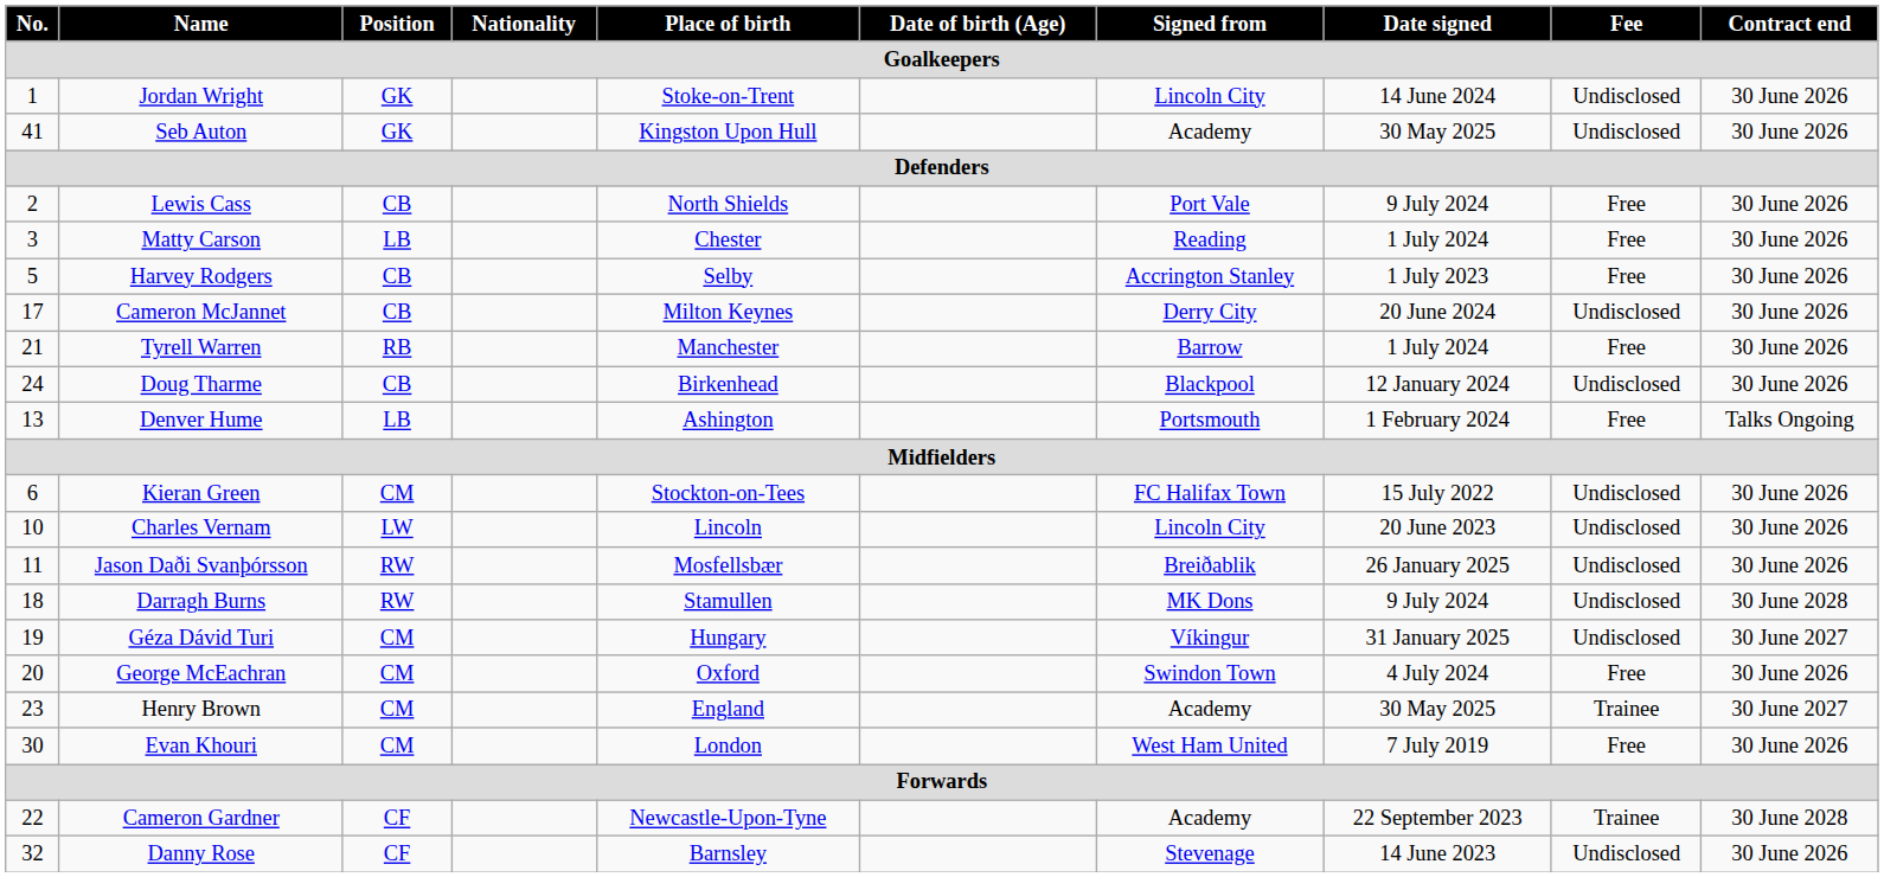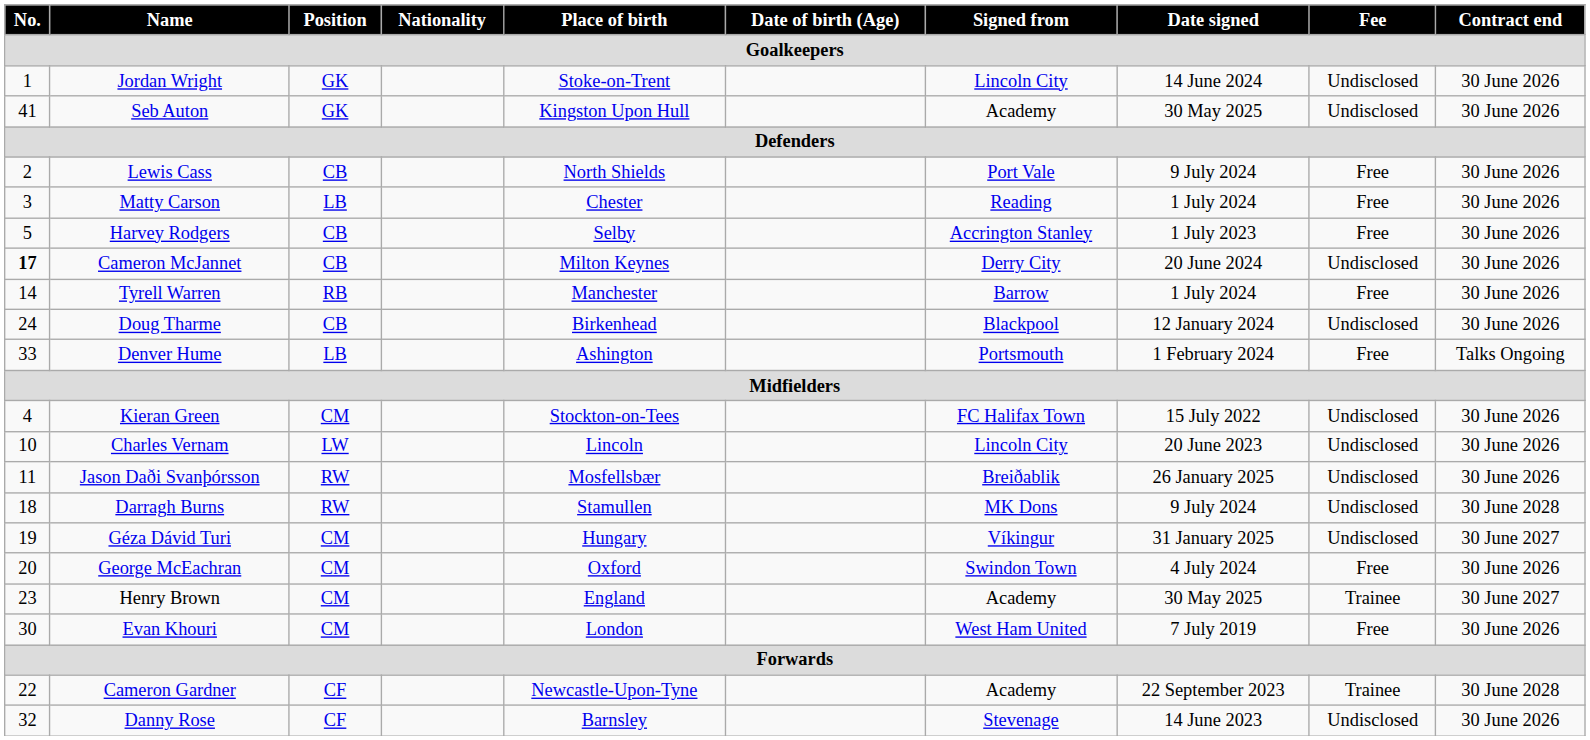 <table class="wikitable" style="text-align:center; font-size:84.5%; width:92%;">
 <tr>
 <th style="background:black; color:#FFFFFF;">No.</th>
 <th style="background:black; color:#FFFFFF;">Name</th>
 <th style="background:black; color:#FFFFFF;">Position</th>
 <th style="background:black; color:#FFFFFF;">Nationality</th>
 <th style="background:black; color:#FFFFFF;">Place of birth</th>
 <th style="background:black; color:#FFFFFF;">Date of birth (Age)</th>
 <th style="background:black; color:#FFFFFF;">Signed from</th>
 <th style="background:black; color:#FFFFFF;">Date signed</th>
 <th style="background:black; color:#FFFFFF;">Fee</th>
 <th style="background:black; color:#FFFFFF;">Contract end</th>
 </tr>
 <tr>
 <th colspan="14" style="background:#dcdcdc; tepxt-align:center;">Goalkeepers</th>
 </tr>
 <tr>
 <td>1</td>
 <td><a href='#'>Jordan Wright</a></td>
 <td><a href='#'>GK</a></td>
 <td></td>
 <td><a href='#'>Stoke-on-Trent</a></td>
 <td></td>
 <td><a href='#'>Lincoln City</a></td>
 <td>14 June 2024</td>
 <td>Undisclosed</td>
 <td>30 June 2026</td>
 </tr>
 <tr>
 <td>41</td>
 <td><a href='#'>Seb Auton</a></td>
 <td><a href='#'>GK</a></td>
 <td></td>
 <td><a href='#'>Kingston Upon Hull</a></td>
 <td></td>
 <td>Academy</td>
 <td>30 May 2025</td>
 <td>Undisclosed</td>
 <td>30 June 2026</td>
 </tr>
 <tr>
 <th colspan="14" style="background:#dcdcdc; tepxt-align:center;">Defenders</th>
 </tr>
 <tr>
 <td>2</td>
 <td><a href='#'>Lewis Cass</a></td>
 <td><a href='#'>CB</a></td>
 <td></td>
 <td><a href='#'>North Shields</a></td>
 <td></td>
 <td><a href='#'>Port Vale</a></td>
 <td>9 July 2024</td>
 <td>Free</td>
 <td>30 June 2026</td>
 </tr>
 <tr>
 <td>3</td>
 <td><a href='#'>Matty Carson</a></td>
 <td><a href='#'>LB</a></td>
 <td></td>
 <td><a href='#'>Chester</a></td>
 <td></td>
 <td><a href='#'>Reading</a></td>
 <td>1 July 2024</td>
 <td>Free</td>
 <td>30 June 2026</td>
 </tr>
 <tr>
 <td>5</td>
 <td><a href='#'>Harvey Rodgers</a></td>
 <td><a href='#'>CB</a></td>
 <td></td>
 <td><a href='#'>Selby</a></td>
 <td></td>
 <td><a href='#'>Accrington Stanley</a></td>
 <td>1 July 2023</td>
 <td>Free</td>
 <td>30 June 2026</td>
 </tr>
 <tr>
-<td>17</td>
+<td><strong>17</strong></td>
 <td><a href='#'>Cameron McJannet</a></td>
 <td><a href='#'>CB</a></td>
 <td></td>
 <td><a href='#'>Milton Keynes</a></td>
 <td></td>
 <td><a href='#'>Derry City</a></td>
 <td>20 June 2024</td>
 <td>Undisclosed</td>
 <td>30 June 2026</td>
 </tr>
 <tr>
-<td>21</td>
+<td>14</td>
 <td><a href='#'>Tyrell Warren</a></td>
 <td><a href='#'>RB</a></td>
 <td></td>
 <td><a href='#'>Manchester</a></td>
 <td></td>
 <td><a href='#'>Barrow</a></td>
 <td>1 July 2024</td>
 <td>Free</td>
 <td>30 June 2026</td>
 </tr>
 <tr>
 <td>24</td>
 <td><a href='#'>Doug Tharme</a></td>
 <td><a href='#'>CB</a></td>
 <td></td>
 <td><a href='#'>Birkenhead</a></td>
 <td></td>
 <td><a href='#'>Blackpool</a></td>
 <td>12 January 2024</td>
 <td>Undisclosed</td>
 <td>30 June 2026</td>
 </tr>
 <tr>
-<td>13</td>
+<td>33</td>
 <td><a href='#'>Denver Hume</a></td>
 <td><a href='#'>LB</a></td>
 <td></td>
 <td><a href='#'>Ashington</a></td>
 <td></td>
 <td><a href='#'>Portsmouth</a></td>
 <td>1 February 2024</td>
 <td>Free</td>
 <td>Talks Ongoing</td>
 </tr>
 <tr>
 <th colspan="14" style="background:#dcdcdc; tepxt-align:center;">Midfielders</th>
 </tr>
 <tr>
-<td>6</td>
+<td>4</td>
 <td><a href='#'>Kieran Green</a></td>
 <td><a href='#'>CM</a></td>
 <td></td>
 <td><a href='#'>Stockton-on-Tees</a></td>
 <td></td>
 <td><a href='#'>FC Halifax Town</a></td>
 <td>15 July 2022</td>
 <td>Undisclosed</td>
 <td>30 June 2026</td>
 </tr>
 <tr>
 <td>10</td>
 <td><a href='#'>Charles Vernam</a></td>
 <td><a href='#'>LW</a></td>
 <td></td>
 <td><a href='#'>Lincoln</a></td>
 <td></td>
 <td><a href='#'>Lincoln City</a></td>
 <td>20 June 2023</td>
 <td>Undisclosed</td>
 <td>30 June 2026</td>
 </tr>
 <tr>
 <td>11</td>
 <td><a href='#'>Jason Daði Svanþórsson</a></td>
 <td><a href='#'>RW</a></td>
 <td></td>
 <td><a href='#'>Mosfellsbær</a></td>
 <td></td>
 <td><a href='#'>Breiðablik</a></td>
 <td>26 January 2025</td>
 <td>Undisclosed</td>
 <td>30 June 2026</td>
 </tr>
 <tr>
 <td>18</td>
 <td><a href='#'>Darragh Burns</a></td>
 <td><a href='#'>RW</a></td>
 <td></td>
 <td><a href='#'>Stamullen</a></td>
 <td></td>
 <td><a href='#'>MK Dons</a></td>
 <td>9 July 2024</td>
 <td>Undisclosed</td>
 <td>30 June 2028</td>
 </tr>
 <tr>
 <td>19</td>
 <td><a href='#'>Géza Dávid Turi</a></td>
 <td><a href='#'>CM</a></td>
 <td></td>
 <td><a href='#'>Hungary</a></td>
 <td></td>
 <td><a href='#'>Víkingur</a></td>
 <td>31 January 2025</td>
 <td>Undisclosed</td>
 <td>30 June 2027</td>
 </tr>
 <tr>
 <td>20</td>
 <td><a href='#'>George McEachran</a></td>
 <td><a href='#'>CM</a></td>
 <td></td>
 <td><a href='#'>Oxford</a></td>
 <td></td>
 <td><a href='#'>Swindon Town</a></td>
 <td>4 July 2024</td>
 <td>Free</td>
 <td>30 June 2026</td>
 </tr>
 <tr>
 <td>23</td>
 <td>Henry Brown</td>
 <td><a href='#'>CM</a></td>
 <td></td>
 <td><a href='#'>England</a></td>
 <td></td>
 <td>Academy</td>
 <td>30 May 2025</td>
 <td>Trainee</td>
 <td>30 June 2027</td>
 </tr>
 <tr>
 <td>30</td>
 <td><a href='#'>Evan Khouri</a></td>
 <td><a href='#'>CM</a></td>
 <td></td>
 <td><a href='#'>London</a></td>
 <td></td>
 <td><a href='#'>West Ham United</a></td>
 <td>7 July 2019</td>
 <td>Free</td>
 <td>30 June 2026</td>
 </tr>
 <tr>
 <th colspan="14" style="background:#dcdcdc; tepxt-align:center;">Forwards</th>
 </tr>
 <tr>
 <td>22</td>
 <td><a href='#'>Cameron Gardner</a></td>
 <td><a href='#'>CF</a></td>
 <td></td>
 <td><a href='#'>Newcastle-Upon-Tyne</a></td>
 <td></td>
 <td>Academy</td>
 <td>22 September 2023</td>
 <td>Trainee</td>
 <td>30 June 2028</td>
 </tr>
 <tr>
 <td>32</td>
 <td><a href='#'>Danny Rose</a></td>
 <td><a href='#'>CF</a></td>
 <td></td>
 <td><a href='#'>Barnsley</a></td>
 <td></td>
 <td><a href='#'>Stevenage</a></td>
 <td>14 June 2023</td>
 <td>Undisclosed</td>
 <td>30 June 2026</td>
 </tr>
 <tr>
 </tr>
 </table>
